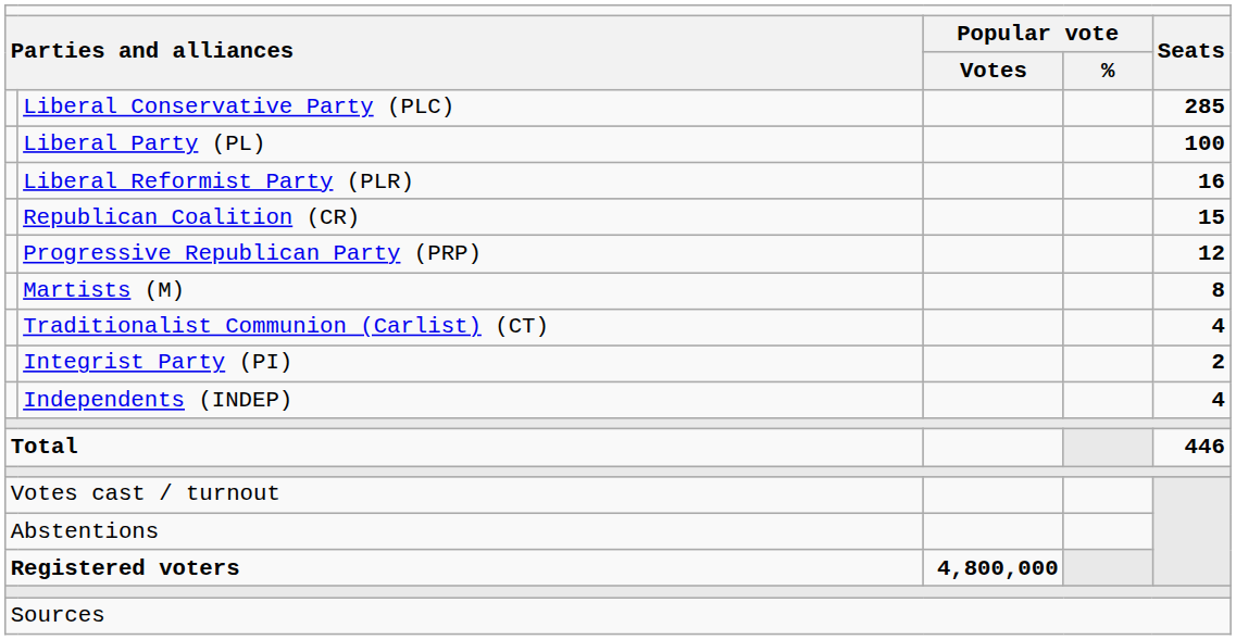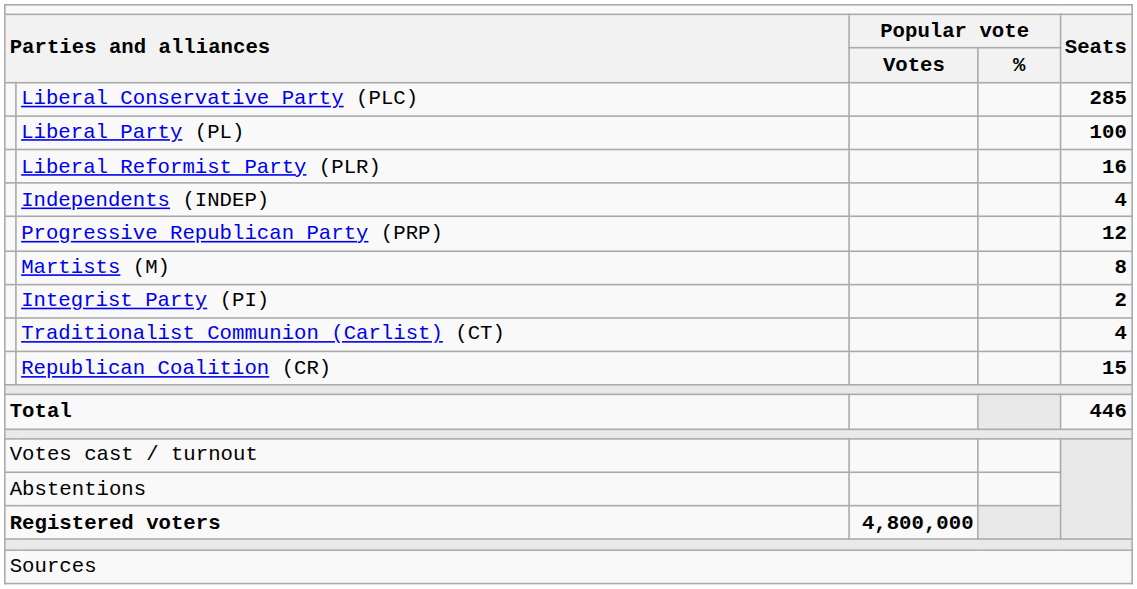 <table class="wikitable" style="text-align:right;">
 <tr>
 <td colspan="5"></td>
 </tr>
 <tr>
 <th style="text-align:left;" rowspan="2" colspan="2" width="525">Parties and alliances</th>
 <th colspan="2">Popular vote</th>
 <th rowspan="2" width="35">Seats</th>
 </tr>
 <tr>
 <th width="75">Votes</th>
 <th width="45">%</th>
 </tr>
 <tr>
 <td width="1" style="color:inherit;background:"></td>
 <td align="left"><a href='#'>Liberal Conservative Party</a> (PLC)</td>
 <td></td>
 <td></td>
 <td><strong>285</strong></td>
 </tr>
 <tr>
 <td style="color:inherit;background:"></td>
 <td align="left"><a href='#'>Liberal Party</a> (PL)</td>
 <td></td>
 <td></td>
 <td><strong>100</strong></td>
 </tr>
 <tr>
 <td style="color:inherit;background:"></td>
 <td align="left"><a href='#'>Liberal Reformist Party</a> (PLR)</td>
 <td></td>
 <td></td>
 <td><strong>16</strong></td>
 </tr>
 <tr>
 <td style="color:inherit;background:"></td>
-<td align="left"><a href='#'>Republican Coalition</a> (CR)</td>
+<td align="left"><a href='#'>Independents</a> (INDEP)</td>
 <td></td>
 <td></td>
-<td><strong>15</strong></td>
+<td><strong>4</strong></td>
 </tr>
 <tr>
 <td style="color:inherit;background:"></td>
 <td align="left"><a href='#'>Progressive Republican Party</a> (PRP)</td>
 <td></td>
 <td></td>
 <td><strong>12</strong></td>
 </tr>
 <tr>
 <td style="color:inherit;background:"></td>
 <td align="left"><a href='#'>Martists</a> (M)</td>
 <td></td>
 <td></td>
 <td><strong>8</strong></td>
 </tr>
 <tr>
 <td style="color:inherit;background:"></td>
+<td align="left"><a href='#'>Integrist Party</a> (PI)</td>
+<td></td>
+<td></td>
+<td><strong>2</strong></td>
+</tr>
+<tr>
+<td style="color:inherit;background:"></td>
 <td align="left"><a href='#'>Traditionalist Communion (Carlist)</a> (CT)</td>
 <td></td>
 <td></td>
 <td><strong>4</strong></td>
 </tr>
 <tr>
 <td style="color:inherit;background:"></td>
-<td align="left"><a href='#'>Integrist Party</a> (PI)</td>
+<td align="left"><a href='#'>Republican Coalition</a> (CR)</td>
 <td></td>
 <td></td>
-<td><strong>2</strong></td>
-</tr>
-<tr>
-<td style="color:inherit;background:"></td>
-<td align="left"><a href='#'>Independents</a> (INDEP)</td>
-<td></td>
-<td></td>
-<td><strong>4</strong></td>
+<td><strong>15</strong></td>
 </tr>
 <tr>
 <td colspan="5" bgcolor="#E9E9E9"></td>
 </tr>
 <tr style="font-weight:bold;">
 <td align="left" colspan="2">Total</td>
 <td></td>
 <td bgcolor="#E9E9E9"></td>
 <td>446</td>
 </tr>
 <tr>
 <td colspan="5" bgcolor="#E9E9E9"></td>
 </tr>
 <tr>
 <td align="left" colspan="2">Votes cast / turnout</td>
 <td></td>
 <td></td>
 <td bgcolor="#E9E9E9" rowspan="3"></td>
 </tr>
 <tr>
 <td align="left" colspan="2">Abstentions</td>
 <td></td>
 <td></td>
 </tr>
 <tr style="font-weight:bold;">
 <td align="left" colspan="2">Registered voters</td>
 <td>4,800,000</td>
 <td bgcolor="#E9E9E9"></td>
 </tr>
 <tr>
 <td colspan="5" bgcolor="#E9E9E9"></td>
 </tr>
 <tr>
 <td align="left" colspan="5">Sources</td>
 </tr>
 </table>
